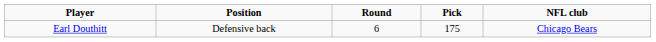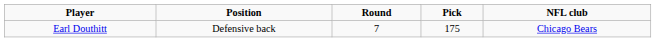 <table class="wikitable" width="80%">
 <tr align="center">
 <td><strong>Player</strong></td>
 <td><strong>Position</strong></td>
 <td><strong>Round</strong></td>
 <td><strong>Pick</strong></td>
 <td><strong>NFL club</strong></td>
 </tr>
 <tr align="center" bgcolor="">
 <td><a href='#'>Earl Douthitt</a></td>
 <td>Defensive back</td>
-<td>6</td>
+<td>7</td>
 <td>175</td>
 <td><a href='#'>Chicago Bears</a></td>
 </tr>
 </table>
